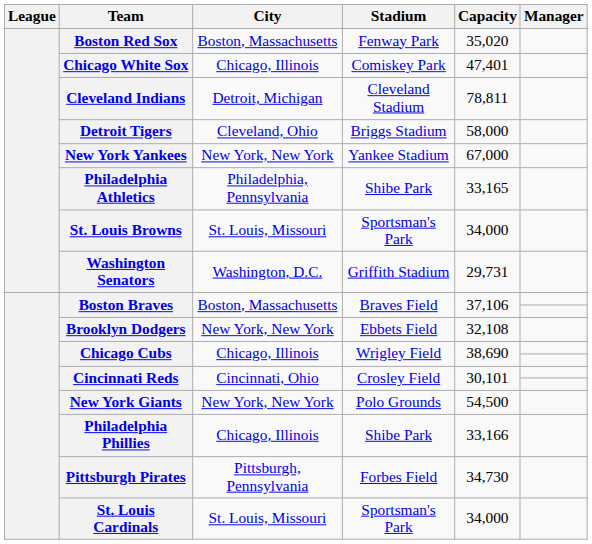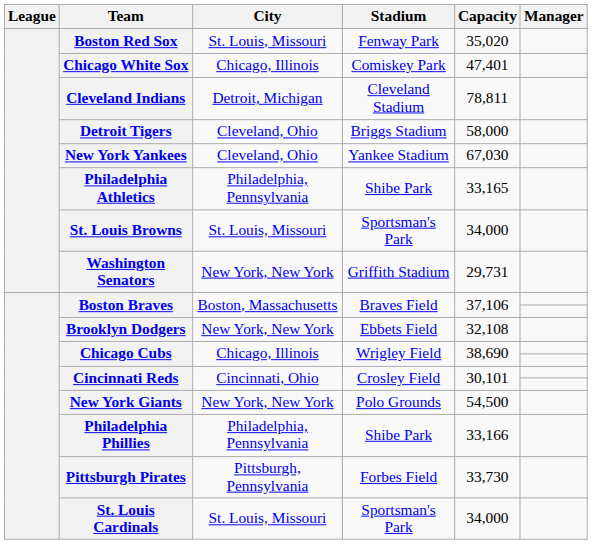 <table class="wikitable sortable plainrowheaders" style="text-align:center;">
 <tr>
 <th scope="col">League</th>
 <th scope="col">Team</th>
 <th scope="col">City</th>
 <th scope="col">Stadium</th>
 <th scope="col">Capacity</th>
 <th scope="col">Manager</th>
 </tr>
 <tr>
 <th rowspan="8"></th>
 <th scope="row"><a href='#'>Boston Red Sox</a></th>
-<td><a href='#'>Boston, Massachusetts</a></td>
+<td><a href='#'>St. Louis, Missouri</a></td>
 <td><a href='#'>Fenway Park</a></td>
 <td>35,020</td>
 <td></td>
 </tr>
 <tr>
 <th scope="row"><a href='#'>Chicago White Sox</a></th>
 <td><a href='#'>Chicago, Illinois</a></td>
 <td><a href='#'>Comiskey Park</a></td>
 <td>47,401</td>
 <td></td>
 </tr>
 <tr>
 <th scope="row"><a href='#'>Cleveland Indians</a></th>
 <td><a href='#'>Detroit, Michigan</a></td>
 <td><a href='#'>Cleveland Stadium</a></td>
 <td>78,811</td>
 <td></td>
 </tr>
 <tr>
 <th scope="row"><a href='#'>Detroit Tigers</a></th>
 <td><a href='#'>Cleveland, Ohio</a></td>
 <td><a href='#'>Briggs Stadium</a></td>
 <td>58,000</td>
 <td></td>
 </tr>
 <tr>
 <th scope="row"><a href='#'>New York Yankees</a></th>
-<td><a href='#'>New York, New York</a></td>
+<td><a href='#'>Cleveland, Ohio</a></td>
 <td><a href='#'>Yankee Stadium</a></td>
-<td>67,000</td>
+<td>67,030</td>
 <td></td>
 </tr>
 <tr>
 <th scope="row"><a href='#'>Philadelphia Athletics</a></th>
 <td><a href='#'>Philadelphia, Pennsylvania</a></td>
 <td><a href='#'>Shibe Park</a></td>
 <td>33,165</td>
 <td></td>
 </tr>
 <tr>
 <th scope="row"><a href='#'>St. Louis Browns</a></th>
 <td><a href='#'>St. Louis, Missouri</a></td>
 <td><a href='#'>Sportsman's Park</a></td>
 <td>34,000</td>
 <td></td>
 </tr>
 <tr>
 <th scope="row"><a href='#'>Washington Senators</a></th>
-<td><a href='#'>Washington, D.C.</a></td>
+<td><a href='#'>New York, New York</a></td>
 <td><a href='#'>Griffith Stadium</a></td>
 <td>29,731</td>
 <td></td>
 </tr>
 <tr>
 <th rowspan="11"></th>
 <th rowspan="2" scope="row"><a href='#'>Boston Braves</a></th>
 <td rowspan="2"><a href='#'>Boston, Massachusetts</a></td>
 <td rowspan="2"><a href='#'>Braves Field</a></td>
 <td rowspan="2">37,106</td>
 <td></td>
 </tr>
 <tr>
 <td></td>
 </tr>
 <tr>
 <th scope="row"><a href='#'>Brooklyn Dodgers</a></th>
 <td><a href='#'>New York, New York</a></td>
 <td><a href='#'>Ebbets Field</a></td>
 <td>32,108</td>
 <td></td>
 </tr>
 <tr>
 <th rowspan="2" scope="row"><a href='#'>Chicago Cubs</a></th>
 <td rowspan="2"><a href='#'>Chicago, Illinois</a></td>
 <td rowspan="2"><a href='#'>Wrigley Field</a></td>
 <td rowspan="2">38,690</td>
 <td></td>
 </tr>
 <tr>
 <td></td>
 </tr>
 <tr>
 <th rowspan="2" scope="row"><a href='#'>Cincinnati Reds</a></th>
 <td rowspan="2"><a href='#'>Cincinnati, Ohio</a></td>
 <td rowspan="2"><a href='#'>Crosley Field</a></td>
 <td rowspan="2">30,101</td>
 <td></td>
 </tr>
 <tr>
 <td></td>
 </tr>
 <tr>
 <th scope="row"><a href='#'>New York Giants</a></th>
 <td><a href='#'>New York, New York</a></td>
 <td><a href='#'>Polo Grounds</a></td>
 <td>54,500</td>
 <td></td>
 </tr>
 <tr>
 <th scope="row"><a href='#'>Philadelphia Phillies</a></th>
-<td><a href='#'>Chicago, Illinois</a></td>
+<td><a href='#'>Philadelphia, Pennsylvania</a></td>
 <td><a href='#'>Shibe Park</a></td>
 <td>33,166</td>
 <td></td>
 </tr>
 <tr>
 <th scope="row"><a href='#'>Pittsburgh Pirates</a></th>
 <td><a href='#'>Pittsburgh, Pennsylvania</a></td>
 <td><a href='#'>Forbes Field</a></td>
-<td>34,730</td>
+<td>33,730</td>
 <td></td>
 </tr>
 <tr>
 <th scope="row"><a href='#'>St. Louis Cardinals</a></th>
 <td><a href='#'>St. Louis, Missouri</a></td>
 <td><a href='#'>Sportsman's Park</a></td>
 <td>34,000</td>
 <td></td>
 </tr>
 </table>
